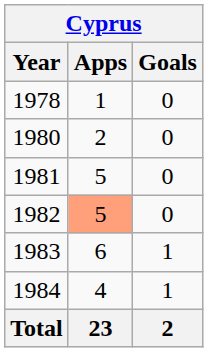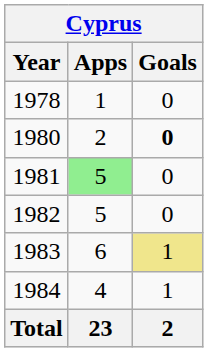 <table class="wikitable" style="text-align:center">
 <tr>
 <th colspan=3><a href='#'>Cyprus</a></th>
 </tr>
 <tr>
 <th>Year</th>
 <th>Apps</th>
 <th>Goals</th>
 </tr>
 <tr>
 <td>1978</td>
 <td>1</td>
 <td>0</td>
 </tr>
 <tr>
 <td>1980</td>
 <td>2</td>
-<td>0</td>
+<td><strong>0</strong></td>
 </tr>
 <tr>
 <td>1981</td>
-<td>5</td>
+<td style="background: lightgreen;">5</td>
 <td>0</td>
 </tr>
 <tr>
 <td>1982</td>
-<td style="background: lightsalmon;">5</td>
+<td>5</td>
 <td>0</td>
 </tr>
 <tr>
 <td>1983</td>
 <td>6</td>
-<td>1</td>
+<td style="background: khaki;">1</td>
 </tr>
 <tr>
 <td>1984</td>
 <td>4</td>
 <td>1</td>
 </tr>
 <tr>
 <th>Total</th>
 <th>23</th>
 <th>2</th>
 </tr>
 </table>
